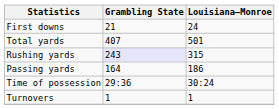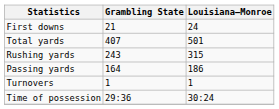 <table class="wikitable" style="float: right;">
 <tr>
 <th>Statistics</th>
 <th>Grambling State</th>
 <th>Louisiana–Monroe</th>
 </tr>
 <tr>
 <td>First downs</td>
 <td>21</td>
 <td>24</td>
 </tr>
 <tr>
 <td>Total yards</td>
 <td>407</td>
 <td>501</td>
 </tr>
 <tr>
 <td>Rushing yards</td>
-<td style="background: lavender;">243</td>
+<td>243</td>
 <td>315</td>
 </tr>
 <tr>
 <td>Passing yards</td>
 <td>164</td>
 <td>186</td>
 </tr>
 <tr>
+<td>Turnovers</td>
+<td>1</td>
+<td>1</td>
+</tr>
+<tr>
 <td>Time of possession</td>
 <td>29:36</td>
 <td>30:24</td>
 </tr>
 <tr>
-<td>Turnovers</td>
-<td>1</td>
-<td>1</td>
-</tr>
-<tr>
 </tr>
 </table>
